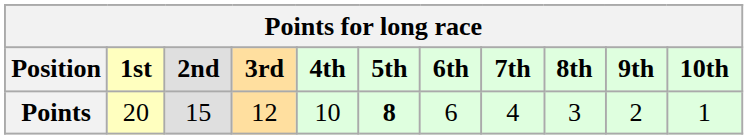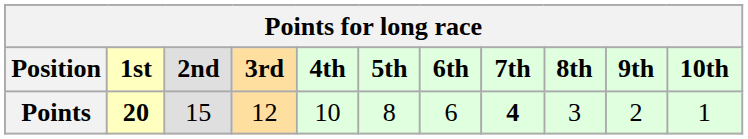 <table class="wikitable" style="font-size:85%; text-align:center">
 <tr>
 <th colspan=11>Points for long race</th>
 </tr>
 <tr>
 <th>Position</th>
 <td style="background:#ffffbf;"> <strong>1st</strong> </td>
 <td style="background:#dfdfdf;"> <strong>2nd</strong> </td>
 <td style="background:#ffdf9f;"> <strong>3rd</strong> </td>
 <td style="background:#dfffdf;"> <strong>4th</strong> </td>
 <td style="background:#dfffdf;"> <strong>5th</strong> </td>
 <td style="background:#dfffdf;"> <strong>6th</strong> </td>
 <td style="background:#dfffdf;"> <strong>7th</strong> </td>
 <td style="background:#dfffdf;"> <strong>8th</strong> </td>
 <td style="background:#dfffdf;"> <strong>9th</strong> </td>
 <td style="background:#dfffdf;"> <strong>10th</strong> </td>
 </tr>
 <tr>
 <th>Points</th>
-<td style="background:#ffffbf;">20</td>
+<td style="background:#ffffbf;"><strong>20</strong></td>
 <td style="background:#dfdfdf;">15</td>
 <td style="background:#ffdf9f;">12</td>
 <td style="background:#dfffdf;">10</td>
-<td style="background:#dfffdf;"><strong>8</strong></td>
+<td style="background:#dfffdf;">8</td>
 <td style="background:#dfffdf;">6</td>
-<td style="background:#dfffdf;">4</td>
+<td style="background:#dfffdf;"><strong>4</strong></td>
 <td style="background:#dfffdf;">3</td>
 <td style="background:#dfffdf;">2</td>
 <td style="background:#dfffdf;">1</td>
 </tr>
 </table>
